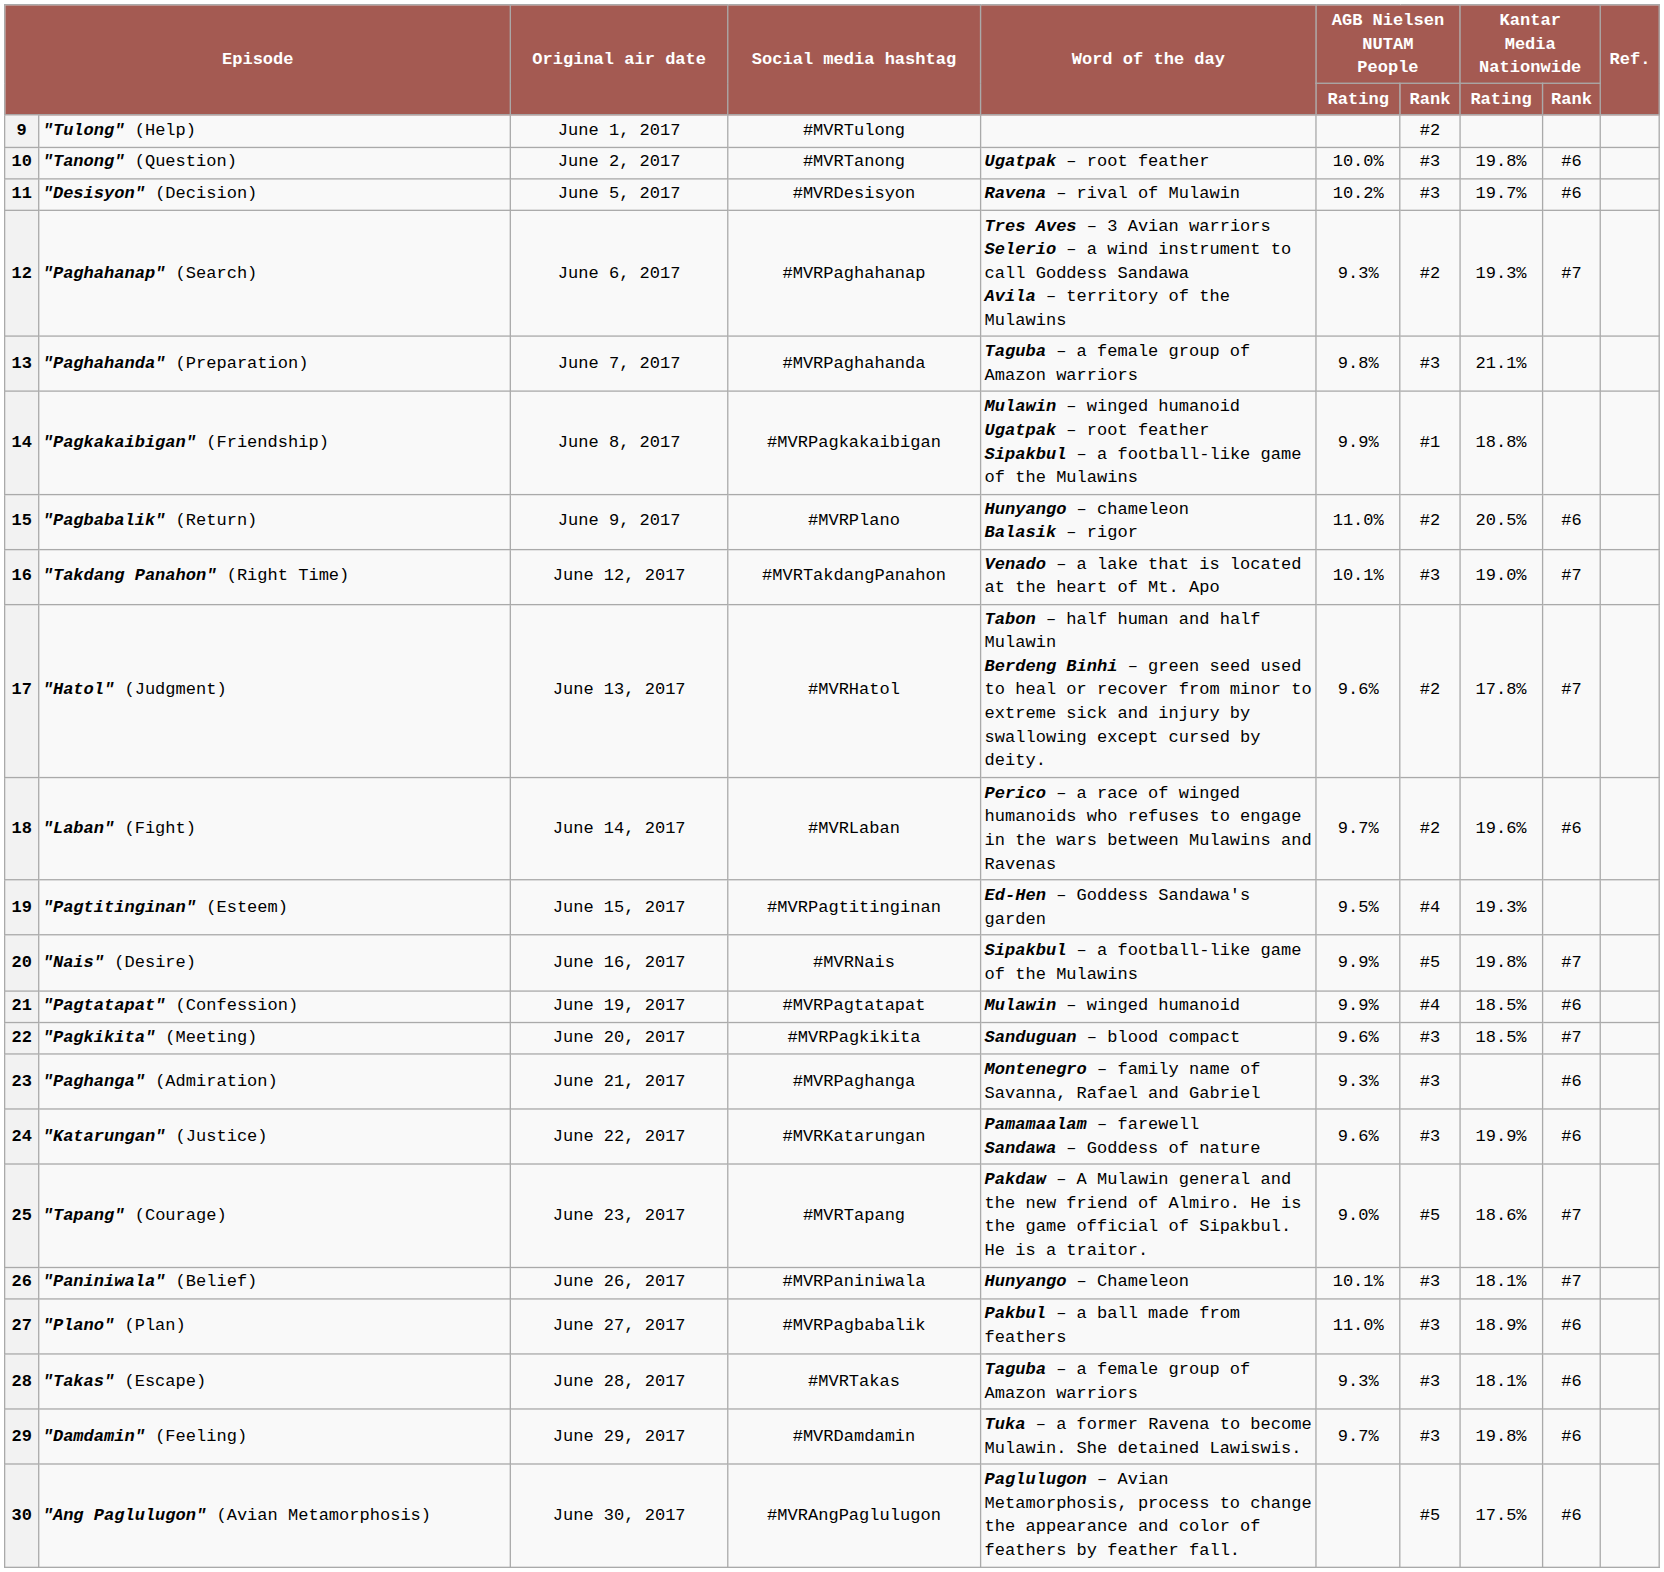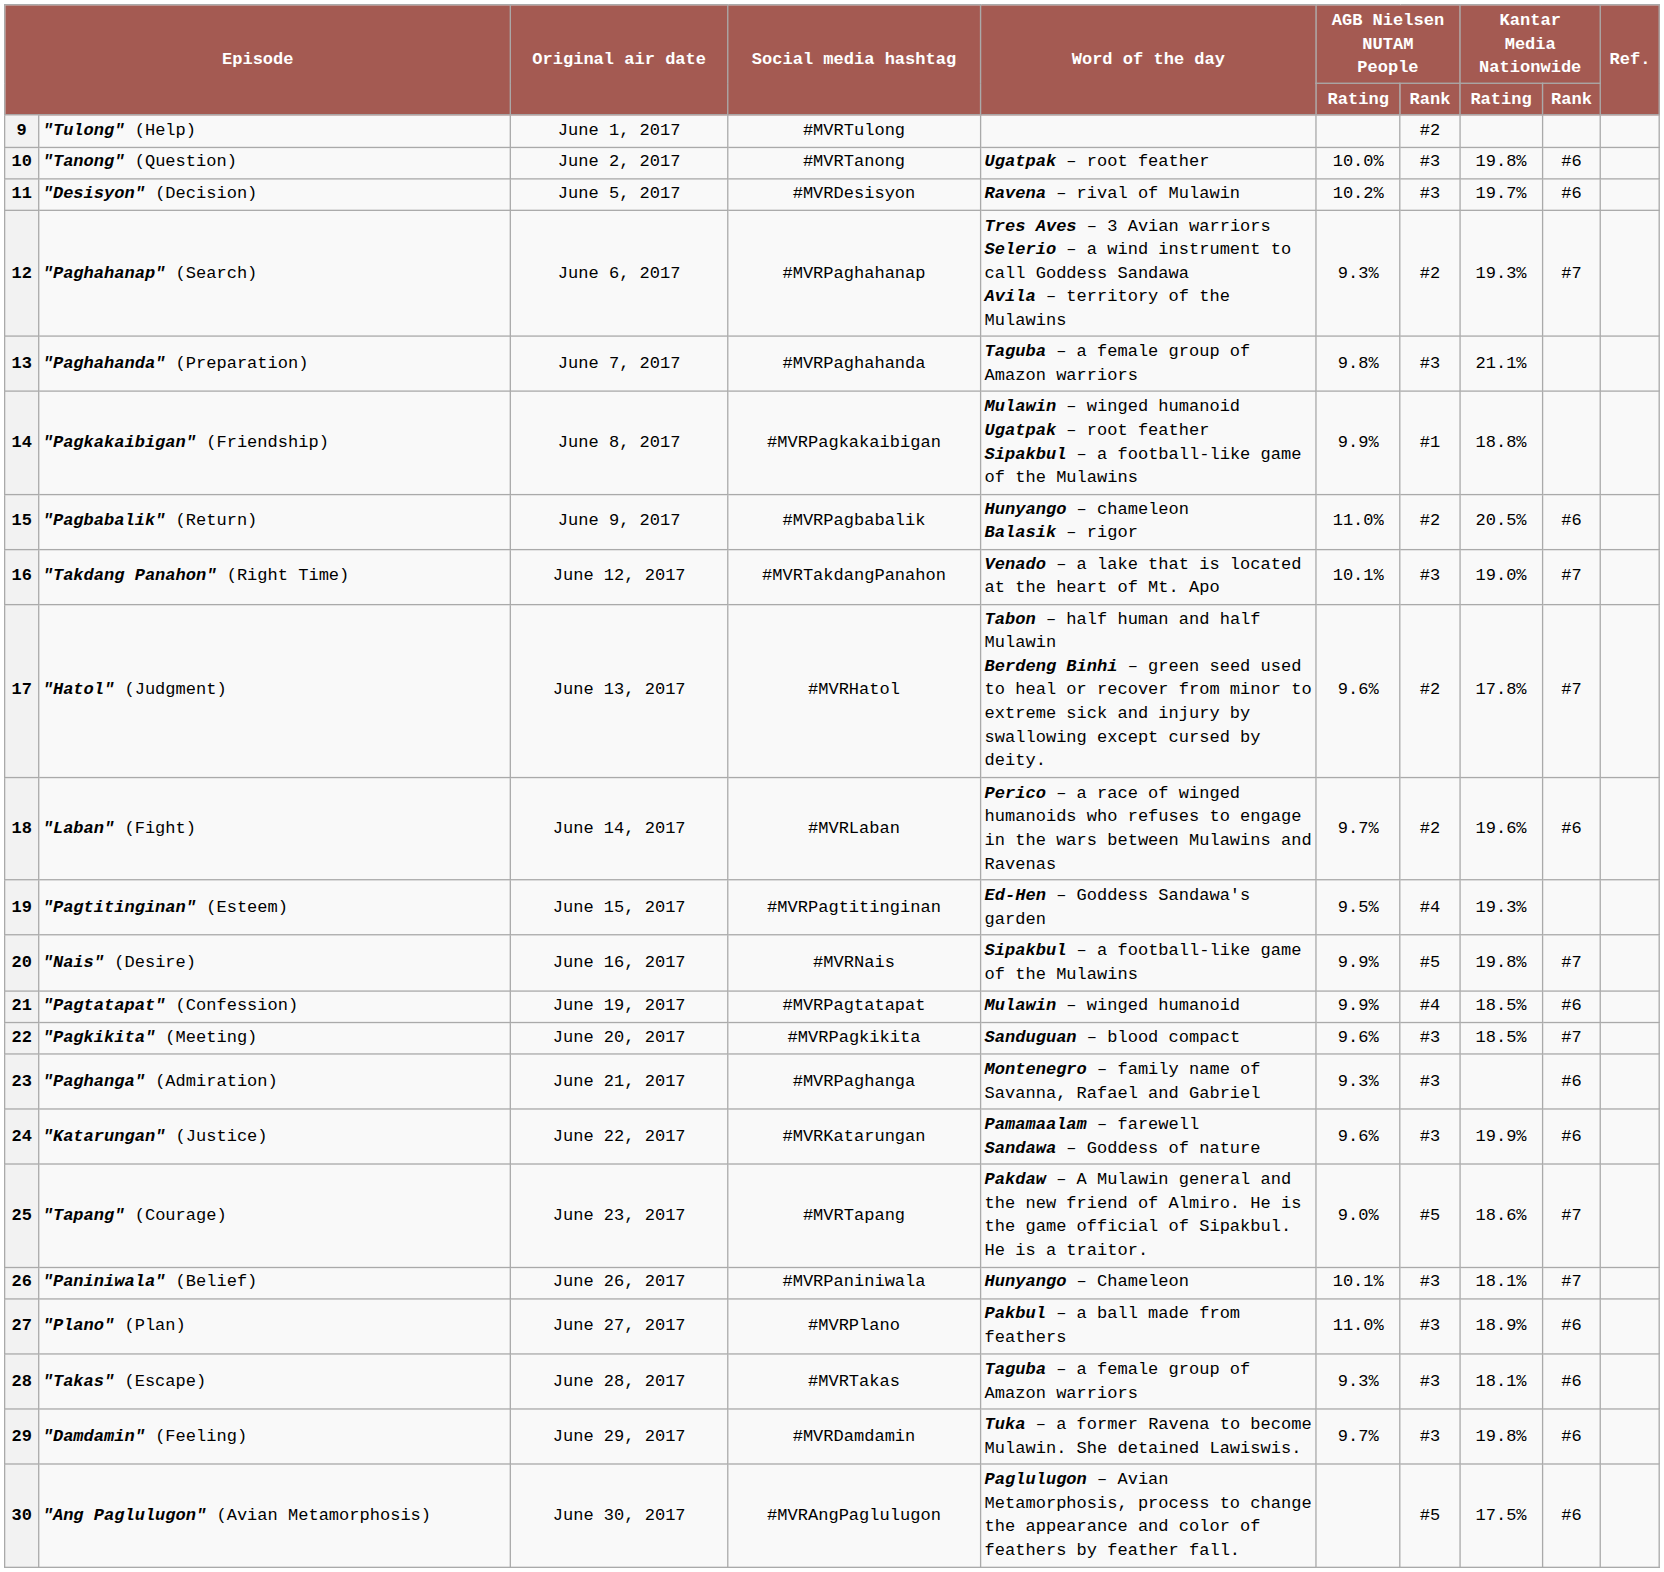 <table class="wikitable" style="text-align:center; font-size:100%; line-height:18px;"  width="100%">
 <tr>
 <th colspan="2" rowspan="2" style="background:#A45A52; color:#ffffff">Episode</th>
 <th rowspan="2" style="background:#A45A52; color:#ffffff">Original air date</th>
 <th rowspan="2" style="background:#A45A52; color:#ffffff">Social media hashtag</th>
 <th rowspan="2" style="background:#A45A52; width:250px; color:#ffffff">Word of the day</th>
 <th colspan="2" style="background:#A45A52; color:#ffffff">AGB Nielsen<br>NUTAM<br>People</th>
 <th colspan="2" style="background:#A45A52; color:#ffffff">Kantar<br>Media<br>Nationwide</th>
 <th rowspan="2" style="background:#A45A52; color:#ffffff">Ref.</th>
 </tr>
 <tr>
 <th style="background-color:#A45A52; color:#ffffff;">Rating</th>
 <th style="background-color:#A45A52; color:#ffffff;">Rank</th>
 <th style="background-color:#A45A52; color:#ffffff;">Rating</th>
 <th style="background-color:#A45A52; color:#ffffff;">Rank</th>
 </tr>
 <tr>
 <th>9</th>
 <td style="text-align: left;"><strong><em>"Tulong"</em></strong> (Help)</td>
 <td>June 1, 2017</td>
 <td>#MVRTulong</td>
 <td></td>
 <td></td>
 <td>#2</td>
 <td></td>
 <td></td>
 <td></td>
 </tr>
 <tr>
 <th>10</th>
 <td style="text-align: left;"><strong><em>"Tanong"</em></strong> (Question)</td>
 <td>June 2, 2017</td>
 <td>#MVRTanong</td>
 <td style="text-align: left;"><strong><em>Ugatpak</em></strong> – root feather</td>
 <td>10.0%</td>
 <td>#3</td>
 <td>19.8%</td>
 <td>#6</td>
 <td></td>
 </tr>
 <tr>
 <th>11</th>
 <td style="text-align: left;"><strong><em>"Desisyon"</em></strong> (Decision)</td>
 <td>June 5, 2017</td>
 <td>#MVRDesisyon</td>
 <td style="text-align: left;"><strong><em>Ravena</em></strong> – rival of Mulawin</td>
 <td>10.2%</td>
 <td>#3</td>
 <td>19.7%</td>
 <td>#6</td>
 <td></td>
 </tr>
 <tr>
 <th>12</th>
 <td style="text-align: left;"><strong><em>"Paghahanap"</em></strong> (Search)</td>
 <td>June 6, 2017</td>
 <td>#MVRPaghahanap</td>
 <td style="text-align: left;"><strong><em>Tres Aves</em></strong> – 3 Avian warriors<br><strong><em>Selerio</em></strong> – a wind instrument to call Goddess Sandawa<br><strong><em>Avila</em></strong> – territory of the Mulawins</td>
 <td>9.3%</td>
 <td>#2</td>
 <td>19.3%</td>
 <td>#7</td>
 <td></td>
 </tr>
 <tr>
 <th>13</th>
 <td style="text-align: left;"><strong><em>"Paghahanda"</em></strong> (Preparation)</td>
 <td>June 7, 2017</td>
 <td>#MVRPaghahanda</td>
 <td style="text-align: left;"><strong><em>Taguba</em></strong> – a female group of Amazon warriors</td>
 <td>9.8%</td>
 <td>#3</td>
 <td>21.1%</td>
 <td></td>
 <td></td>
 </tr>
 <tr>
 <th>14</th>
 <td style="text-align: left;"><strong><em>"Pagkakaibigan"</em></strong> (Friendship)</td>
 <td>June 8, 2017</td>
 <td>#MVRPagkakaibigan</td>
 <td style="text-align: left;"><strong><em>Mulawin</em></strong> – winged humanoid<br><strong><em>Ugatpak</em></strong> – root feather<br><strong><em>Sipakbul</em></strong> – a football-like game of the Mulawins</td>
 <td>9.9%</td>
 <td>#1</td>
 <td>18.8%</td>
 <td></td>
 <td></td>
 </tr>
 <tr>
 <th>15</th>
 <td style="text-align: left;"><strong><em>"Pagbabalik"</em></strong> (Return)</td>
 <td>June 9, 2017</td>
-<td>#MVRPlano</td>
+<td>#MVRPagbabalik</td>
 <td style="text-align: left;"><strong><em>Hunyango</em></strong> – chameleon<br> <strong><em>Balasik</em></strong> – rigor</td>
 <td>11.0%</td>
 <td>#2</td>
 <td>20.5%</td>
 <td>#6</td>
 <td></td>
 </tr>
 <tr>
 <th>16</th>
 <td style="text-align: left;"><strong><em>"Takdang Panahon"</em></strong> (Right Time)</td>
 <td>June 12, 2017</td>
 <td>#MVRTakdangPanahon</td>
 <td style="text-align: left;"><strong><em>Venado</em></strong> – a lake that is located at the heart of Mt. Apo</td>
 <td>10.1%</td>
 <td>#3</td>
 <td>19.0%</td>
 <td>#7</td>
 <td></td>
 </tr>
 <tr>
 <th>17</th>
 <td style="text-align: left;"><strong><em>"Hatol"</em></strong> (Judgment)</td>
 <td>June 13, 2017</td>
 <td>#MVRHatol</td>
 <td style="text-align: left;"><strong><em>Tabon</em></strong> – half human and half Mulawin<br><strong><em>Berdeng Binhi</em></strong> – green seed used to heal or recover from minor to extreme sick and injury by swallowing except cursed by deity.</td>
 <td>9.6%</td>
 <td>#2</td>
 <td>17.8%</td>
 <td>#7</td>
 <td></td>
 </tr>
 <tr>
 <th>18</th>
 <td style="text-align: left;"><strong><em>"Laban"</em></strong> (Fight)</td>
 <td>June 14, 2017</td>
 <td>#MVRLaban</td>
 <td style="text-align: left;"><strong><em>Perico</em></strong> – a race of winged humanoids who refuses to engage in the wars between Mulawins and Ravenas</td>
 <td>9.7%</td>
 <td>#2</td>
 <td>19.6%</td>
 <td>#6</td>
 <td></td>
 </tr>
 <tr>
 <th>19</th>
 <td style="text-align: left;"><strong><em>"Pagtitinginan"</em></strong> (Esteem)</td>
 <td>June 15, 2017</td>
 <td>#MVRPagtitinginan</td>
 <td style="text-align: left;"><strong><em>Ed-Hen</em></strong> – Goddess  Sandawa's garden</td>
 <td>9.5%</td>
 <td>#4</td>
 <td>19.3%</td>
 <td></td>
 <td></td>
 </tr>
 <tr>
 <th>20</th>
 <td style="text-align: left;"><strong><em>"Nais"</em></strong> (Desire)</td>
 <td>June 16, 2017</td>
 <td>#MVRNais</td>
 <td style="text-align: left;"><strong><em>Sipakbul</em></strong> – a football-like game of the Mulawins</td>
 <td>9.9%</td>
 <td>#5</td>
 <td>19.8%</td>
 <td>#7</td>
 <td></td>
 </tr>
 <tr>
 <th>21</th>
 <td style="text-align: left;"><strong><em>"Pagtatapat"</em></strong> (Confession)</td>
 <td>June 19, 2017</td>
 <td>#MVRPagtatapat</td>
 <td style="text-align: left;"><strong><em>Mulawin</em></strong> – winged humanoid</td>
 <td>9.9%</td>
 <td>#4</td>
 <td>18.5%</td>
 <td>#6</td>
 <td></td>
 </tr>
 <tr>
 <th>22</th>
 <td style="text-align: left;"><strong><em>"Pagkikita"</em></strong> (Meeting)</td>
 <td>June 20, 2017</td>
 <td>#MVRPagkikita</td>
 <td style="text-align: left;"><strong><em>Sanduguan</em></strong> – blood compact</td>
 <td>9.6%</td>
 <td>#3</td>
 <td>18.5%</td>
 <td>#7</td>
 <td></td>
 </tr>
 <tr>
 <th>23</th>
 <td style="text-align: left;"><strong><em>"Paghanga"</em></strong> (Admiration)</td>
 <td>June 21, 2017</td>
 <td>#MVRPaghanga</td>
 <td style="text-align: left;"><strong><em>Montenegro</em></strong> – family name of Savanna, Rafael and Gabriel</td>
 <td>9.3%</td>
 <td>#3</td>
 <td></td>
 <td>#6</td>
 <td></td>
 </tr>
 <tr>
 <th>24</th>
 <td style="text-align: left;"><strong><em>"Katarungan"</em></strong> (Justice)</td>
 <td>June 22, 2017</td>
 <td>#MVRKatarungan</td>
 <td style="text-align: left;"><strong><em>Pamamaalam</em></strong> – farewell<br><strong><em>Sandawa</em></strong> – Goddess of nature</td>
 <td>9.6%</td>
 <td>#3</td>
 <td>19.9%</td>
 <td>#6</td>
 <td></td>
 </tr>
 <tr>
 <th>25</th>
 <td style="text-align: left;"><strong><em>"Tapang"</em></strong> (Courage)</td>
 <td>June 23, 2017</td>
 <td>#MVRTapang</td>
 <td style="text-align: left;"><strong><em>Pakdaw</em></strong> – A Mulawin general and the new friend of Almiro. He is the game official of Sipakbul. He is a traitor.</td>
 <td>9.0%</td>
 <td>#5</td>
 <td>18.6%</td>
 <td>#7</td>
 <td></td>
 </tr>
 <tr>
 <th>26</th>
 <td style="text-align: left;"><strong><em>"Paniniwala"</em></strong> (Belief)</td>
 <td>June 26, 2017</td>
 <td>#MVRPaniniwala</td>
 <td style="text-align: left;"><strong><em>Hunyango</em></strong> – Chameleon</td>
 <td>10.1%</td>
 <td>#3</td>
 <td>18.1%</td>
 <td>#7</td>
 <td></td>
 </tr>
 <tr>
 <th>27</th>
 <td style="text-align: left;"><strong><em>"Plano"</em></strong> (Plan)</td>
 <td>June 27, 2017</td>
-<td>#MVRPagbabalik</td>
+<td>#MVRPlano</td>
 <td style="text-align: left;"><strong><em>Pakbul</em></strong> – a ball made from feathers</td>
 <td>11.0%</td>
 <td>#3</td>
 <td>18.9%</td>
 <td>#6</td>
 <td></td>
 </tr>
 <tr>
 <th>28</th>
 <td style="text-align: left;"><strong><em>"Takas"</em></strong> (Escape)</td>
 <td>June 28, 2017</td>
 <td>#MVRTakas</td>
 <td style="text-align: left;"><strong><em>Taguba</em></strong> – a female group of Amazon warriors</td>
 <td>9.3%</td>
 <td>#3</td>
 <td>18.1%</td>
 <td>#6</td>
 <td></td>
 </tr>
 <tr>
 <th>29</th>
 <td style="text-align: left;"><strong><em>"Damdamin"</em></strong> (Feeling)</td>
 <td>June 29, 2017</td>
 <td>#MVRDamdamin</td>
 <td style="text-align: left;"><strong><em>Tuka</em></strong> – a former Ravena to become Mulawin. She detained Lawiswis.</td>
 <td>9.7%</td>
 <td>#3</td>
 <td>19.8%</td>
 <td>#6</td>
 <td></td>
 </tr>
 <tr>
 <th>30</th>
 <td style="text-align: left;"><strong><em>"Ang Paglulugon"</em></strong> (Avian Metamorphosis)</td>
 <td>June 30, 2017</td>
 <td>#MVRAngPaglulugon</td>
 <td style="text-align: left;"><strong><em>Paglulugon</em></strong> – Avian Metamorphosis, process to change the appearance and color of feathers by feather fall.</td>
 <td></td>
 <td>#5</td>
 <td>17.5%</td>
 <td>#6</td>
 <td></td>
 </tr>
 <tr>
 </tr>
 </table>
